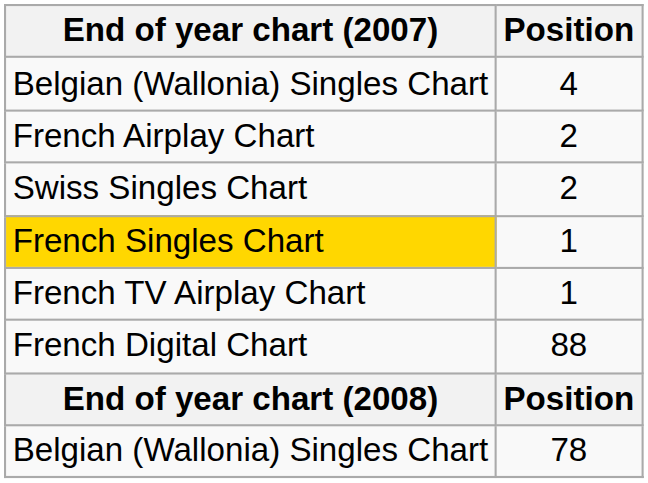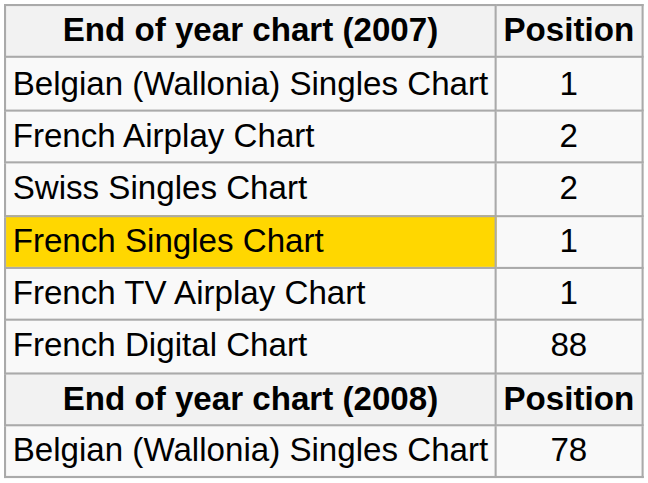 <table class="wikitable sortable">
 <tr>
 <th>End of year chart (2007)</th>
 <th>Position</th>
 </tr>
 <tr>
 <td>Belgian (Wallonia) Singles Chart</td>
-<td align="center">4</td>
+<td align="center">1</td>
 </tr>
 <tr>
 <td>French Airplay Chart</td>
 <td align="center">2</td>
 </tr>
 <tr>
 <td>Swiss Singles Chart</td>
 <td align="center">2</td>
 </tr>
 <tr>
 <td style="background: gold;">French Singles Chart</td>
 <td align="center">1</td>
 </tr>
 <tr>
 <td>French TV Airplay Chart</td>
 <td align="center">1</td>
 </tr>
 <tr>
 <td>French Digital Chart</td>
 <td align="center">88</td>
 </tr>
 <tr>
 <th>End of year chart (2008)</th>
 <th>Position</th>
 </tr>
 <tr>
 <td>Belgian (Wallonia) Singles Chart</td>
 <td align="center">78</td>
 </tr>
 <tr>
 </tr>
 </table>
